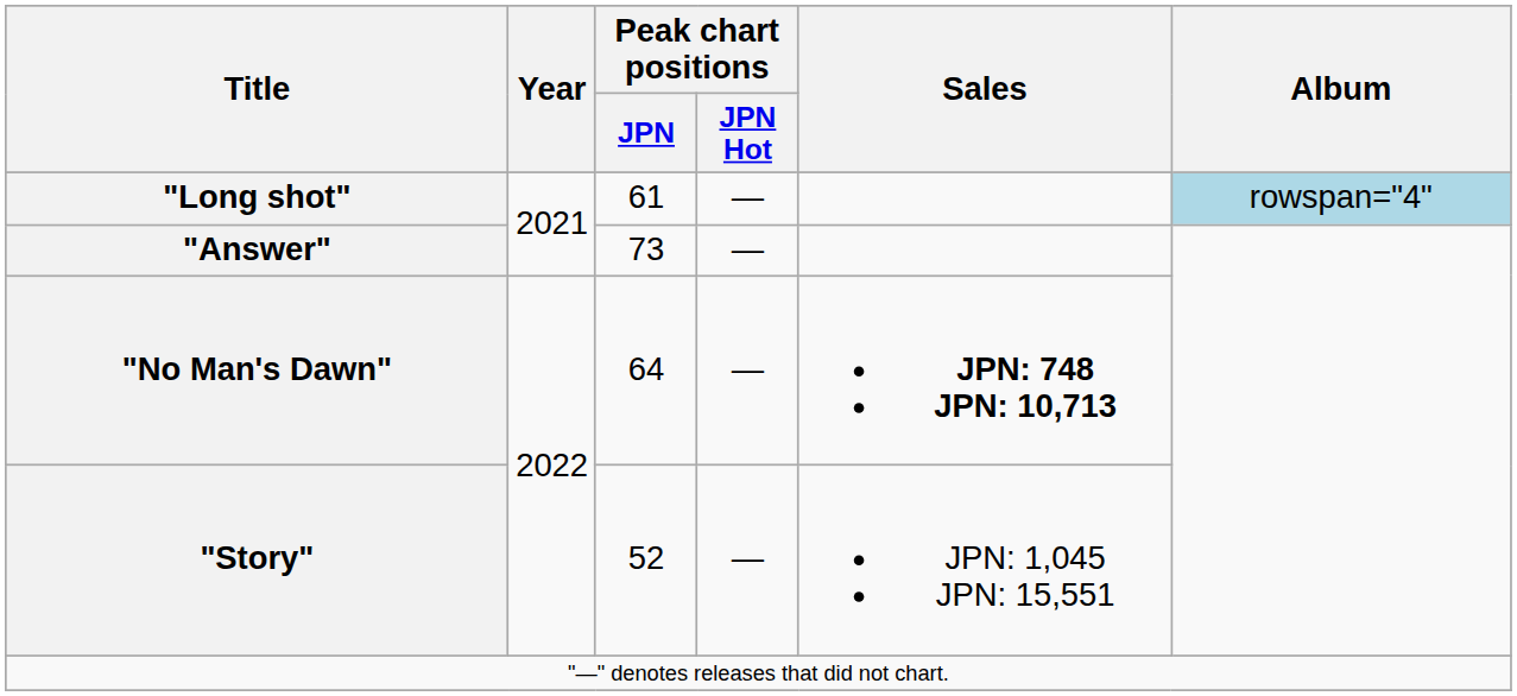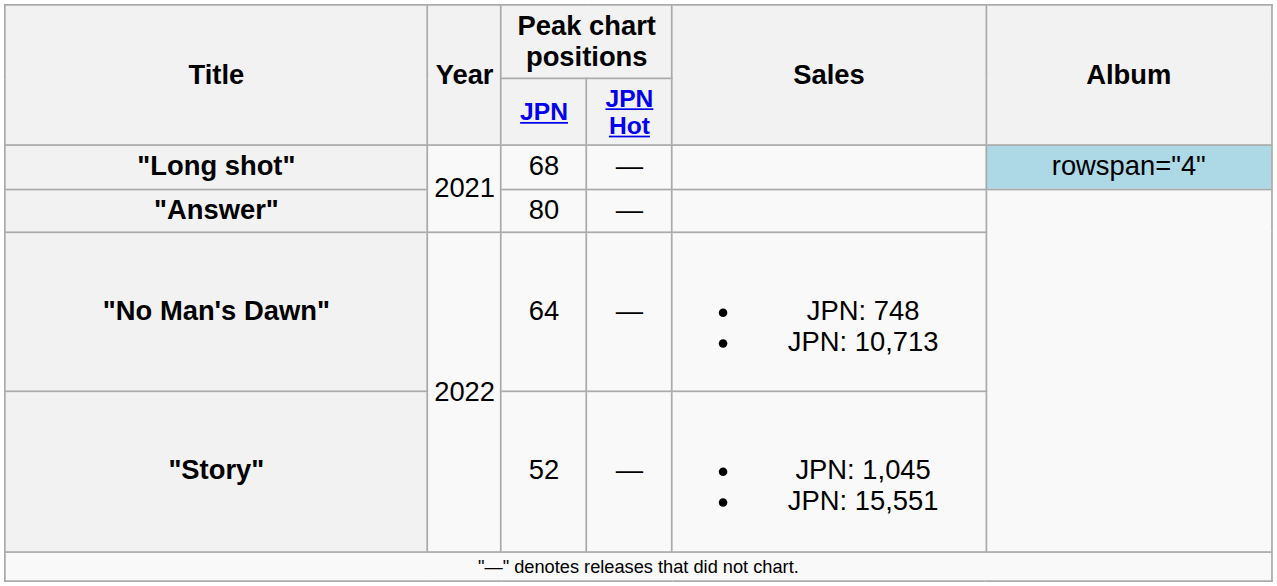 <table class="wikitable plainrowheaders" style="text-align:center;">
 <tr>
 <th scope="col" rowspan="2" style="width:15em;">Title</th>
 <th scope="col" rowspan="2" style="width:1em;">Year</th>
 <th scope="col" colspan="2">Peak chart<br>positions</th>
 <th scope="col" rowspan="2" style="width:11em;">Sales</th>
 <th scope="col" rowspan="2" style="width:10em;">Album</th>
 </tr>
 <tr>
 <th scope="col" style="width:3em;font-size:90%;"><a href='#'>JPN</a><br></th>
 <th scope="col" style="width:3em;font-size:90%;"><a href='#'>JPN<br>Hot</a><br></th>
 </tr>
 <tr>
 <th scope="row">"Long shot"</th>
 <td rowspan="2">2021</td>
-<td>61</td>
+<td>68</td>
 <td>—</td>
 <td></td>
 <td style="background: lightblue;">rowspan="4" </td>
 </tr>
 <tr>
 <th scope="row">"Answer"</th>
-<td>73</td>
+<td>80</td>
 <td>—</td>
 <td></td>
 </tr>
 <tr>
 <th scope="row">"No Man's Dawn"</th>
 <td rowspan="2">2022</td>
 <td>64</td>
 <td>—</td>
-<td><strong><br><ul><li>JPN: 748 </li><li>JPN: 10,713 </li></ul></strong></td>
+<td><br><ul><li>JPN: 748 </li><li>JPN: 10,713 </li></ul></td>
 </tr>
 <tr>
 <th scope="row">"Story"</th>
 <td>52</td>
 <td>—</td>
 <td><br><ul><li>JPN: 1,045 </li><li>JPN: 15,551 </li></ul></td>
 </tr>
 <tr>
 <td colspan="6" style="font-size: 8pt">"—" denotes releases that did not chart.</td>
 </tr>
 </table>
